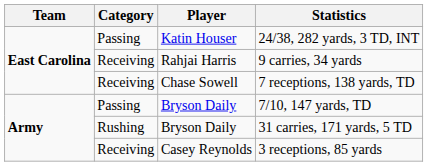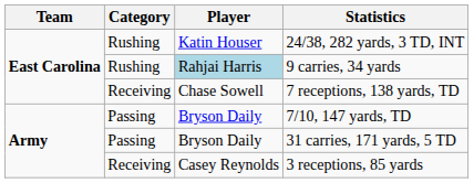 <table class="wikitable" style="float: right;">
 <tr>
 <th>Team</th>
 <th>Category</th>
 <th>Player</th>
 <th>Statistics</th>
 </tr>
 <tr>
 <td rowspan=3><strong>East Carolina</strong></td>
-<td>Passing</td>
+<td>Rushing</td>
 <td><a href='#'>Katin Houser</a></td>
 <td>24/38, 282 yards, 3 TD, INT</td>
 </tr>
 <tr>
-<td>Receiving</td>
-<td>Rahjai Harris</td>
+<td>Rushing</td>
+<td style="background: lightblue;">Rahjai Harris</td>
 <td>9 carries, 34 yards</td>
 </tr>
 <tr>
 <td>Receiving</td>
 <td>Chase Sowell</td>
 <td>7 receptions, 138 yards, TD</td>
 </tr>
 <tr>
 <td rowspan=3><strong>Army</strong></td>
 <td>Passing</td>
 <td><a href='#'>Bryson Daily</a></td>
 <td>7/10, 147 yards, TD</td>
 </tr>
 <tr>
-<td>Rushing</td>
+<td>Passing</td>
 <td>Bryson Daily</td>
 <td>31 carries, 171 yards, 5 TD</td>
 </tr>
 <tr>
 <td>Receiving</td>
 <td>Casey Reynolds</td>
 <td>3 receptions, 85 yards</td>
 </tr>
 </table>
